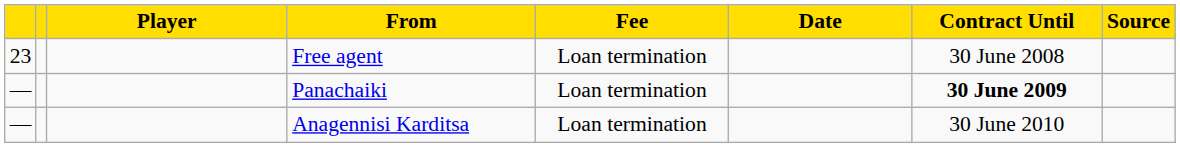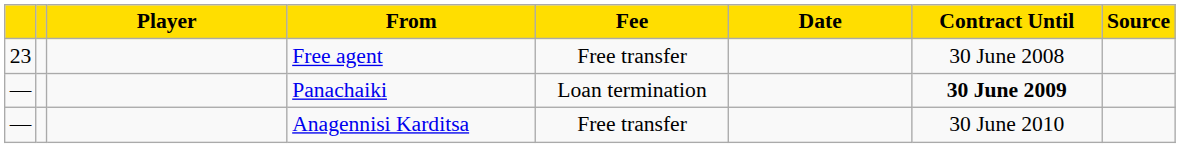 <table class="wikitable sortable">
 <tr>
 <th style="background:#FFDE00"></th>
 <th style="background:#FFDE00"></th>
 <th width=200 style="background:#FFDE00">Player</th>
 <th width=200 style="background:#FFDE00">From</th>
 <th width=150 style="background:#FFDE00">Fee</th>
 <th width=150 style="background:#FFDE00">Date</th>
 <th width=150 style="background:#FFDE00">Contract Until</th>
 <th style="background:#FFDE00">Source</th>
 </tr>
 <tr>
 <td align=center>23</td>
 <td align=center></td>
 <td></td>
 <td><a href='#'>Free agent</a></td>
-<td align=center>Loan termination</td>
+<td align=center>Free transfer</td>
 <td align=center></td>
 <td align=center>30 June 2008</td>
 <td align=center></td>
 </tr>
 <tr>
 <td align=center>—</td>
 <td align=center></td>
 <td></td>
 <td> <a href='#'>Panachaiki</a></td>
 <td align=center>Loan termination</td>
 <td align=center></td>
 <td align=center><strong>30 June 2009</strong></td>
 <td align=center></td>
 </tr>
 <tr>
 <td align=center>—</td>
 <td align=center></td>
 <td></td>
 <td> <a href='#'>Anagennisi Karditsa</a></td>
-<td align=center>Loan termination</td>
+<td align=center>Free transfer</td>
 <td align=center></td>
 <td align=center>30 June 2010</td>
 <td align=center></td>
 </tr>
 </table>
